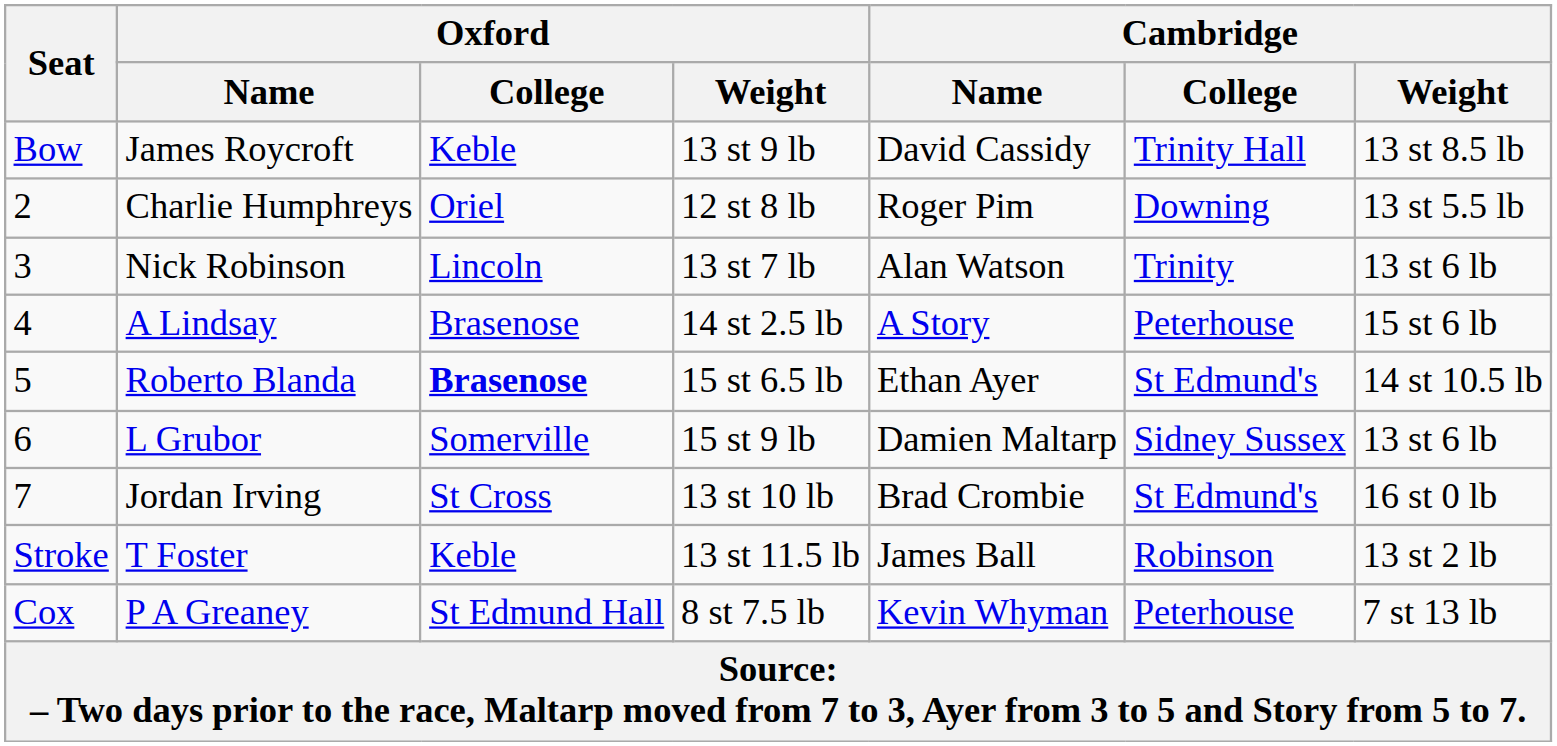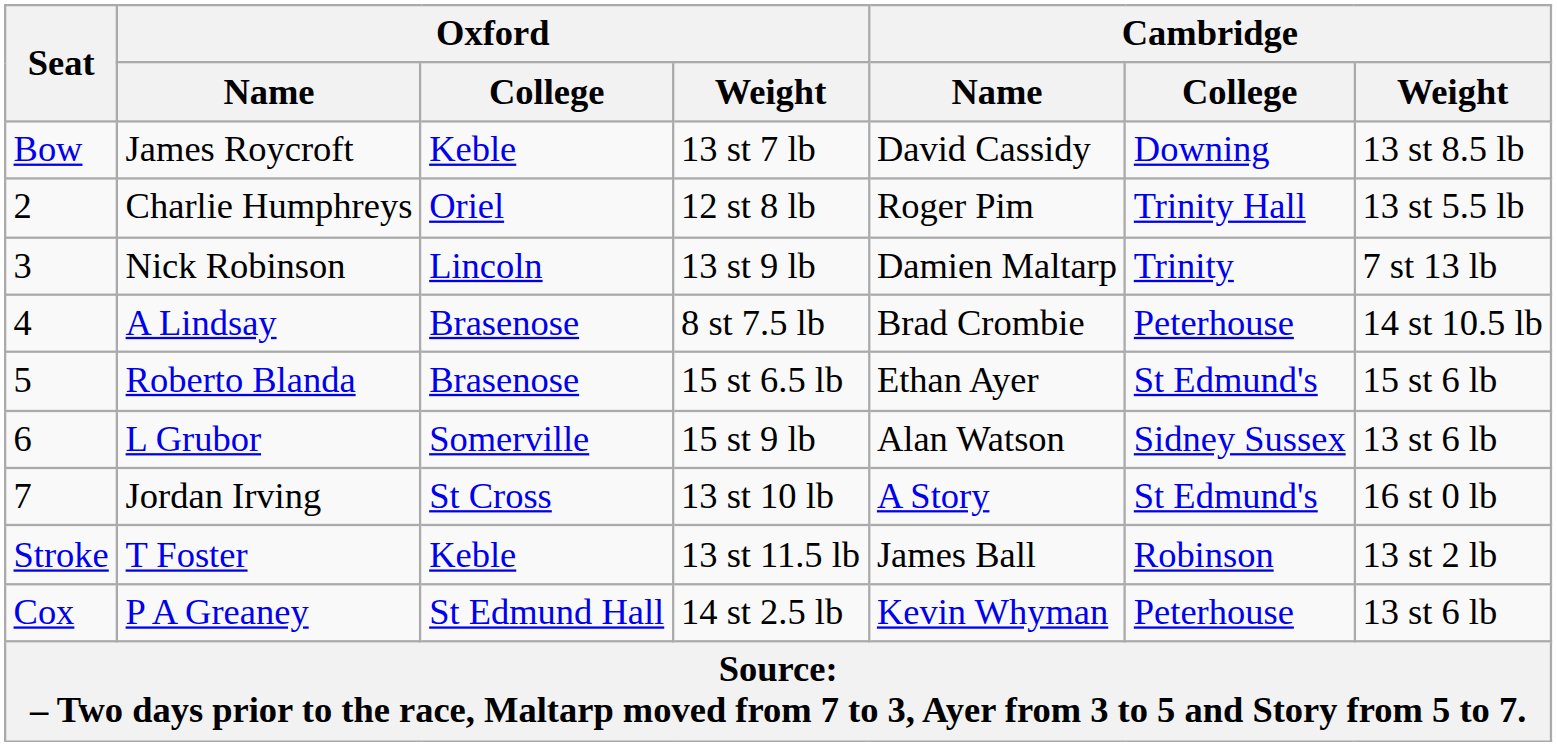 <table class="wikitable">
 <tr>
 <th rowspan="2" scope="col">Seat</th>
 <th colspan="3" scope="col">Oxford <br> </th>
 <th colspan="3" scope="col">Cambridge <br> </th>
 </tr>
 <tr>
 <th>Name</th>
 <th>College</th>
 <th>Weight</th>
 <th>Name</th>
 <th>College</th>
 <th>Weight</th>
 </tr>
 <tr>
 <td><a href='#'>Bow</a></td>
 <td>James Roycroft</td>
 <td><a href='#'>Keble</a></td>
-<td>13 st 9 lb</td>
+<td>13 st 7 lb</td>
 <td>David Cassidy</td>
-<td><a href='#'>Trinity Hall</a></td>
+<td><a href='#'>Downing</a></td>
 <td>13 st 8.5 lb</td>
 </tr>
 <tr>
 <td>2</td>
 <td>Charlie Humphreys</td>
 <td><a href='#'>Oriel</a></td>
 <td>12 st 8 lb</td>
 <td>Roger Pim</td>
-<td><a href='#'>Downing</a></td>
+<td><a href='#'>Trinity Hall</a></td>
 <td>13 st 5.5 lb</td>
 </tr>
 <tr>
 <td>3</td>
 <td>Nick Robinson</td>
 <td><a href='#'>Lincoln</a></td>
-<td>13 st 7 lb</td>
-<td>Alan Watson</td>
+<td>13 st 9 lb</td>
+<td>Damien Maltarp </td>
 <td><a href='#'>Trinity</a></td>
-<td>13 st 6 lb</td>
+<td>7 st 13 lb</td>
 </tr>
 <tr>
 <td>4</td>
 <td><a href='#'>A Lindsay</a></td>
 <td><a href='#'>Brasenose</a></td>
-<td>14 st 2.5 lb</td>
-<td><a href='#'>A Story</a> </td>
+<td>8 st 7.5 lb</td>
+<td>Brad Crombie</td>
 <td><a href='#'>Peterhouse</a></td>
-<td>15 st 6 lb</td>
+<td>14 st 10.5 lb</td>
 </tr>
 <tr>
 <td>5</td>
 <td><a href='#'>Roberto Blanda</a></td>
-<td><strong><a href='#'>Brasenose</a></strong></td>
+<td><a href='#'>Brasenose</a></td>
 <td>15 st 6.5 lb</td>
 <td>Ethan Ayer </td>
 <td><a href='#'>St Edmund's</a></td>
-<td>14 st 10.5 lb</td>
+<td>15 st 6 lb</td>
 </tr>
 <tr>
 <td>6</td>
 <td><a href='#'>L Grubor</a></td>
 <td><a href='#'>Somerville</a></td>
 <td>15 st 9 lb</td>
-<td>Damien Maltarp </td>
+<td>Alan Watson</td>
 <td><a href='#'>Sidney Sussex</a></td>
 <td>13 st 6 lb</td>
 </tr>
 <tr>
 <td>7</td>
 <td>Jordan Irving</td>
 <td><a href='#'>St Cross</a></td>
 <td>13 st 10 lb</td>
-<td>Brad Crombie</td>
+<td><a href='#'>A Story</a> </td>
 <td><a href='#'>St Edmund's</a></td>
 <td>16 st 0 lb</td>
 </tr>
 <tr>
 <td><a href='#'>Stroke</a></td>
 <td><a href='#'>T Foster</a></td>
 <td><a href='#'>Keble</a></td>
 <td>13 st 11.5 lb</td>
 <td>James Ball</td>
 <td><a href='#'>Robinson</a></td>
 <td>13 st 2 lb</td>
 </tr>
 <tr>
 <td><a href='#'>Cox</a></td>
 <td><a href='#'>P A Greaney</a></td>
 <td><a href='#'>St Edmund Hall</a></td>
-<td>8 st 7.5 lb</td>
+<td>14 st 2.5 lb</td>
 <td><a href='#'>Kevin Whyman</a></td>
 <td><a href='#'>Peterhouse</a></td>
-<td>7 st 13 lb</td>
+<td>13 st 6 lb</td>
 </tr>
 <tr>
 <th colspan="7">Source:<br> – Two days prior to the race, Maltarp moved from 7 to 3, Ayer from 3 to 5 and Story from 5 to 7.</th>
 </tr>
 </table>
